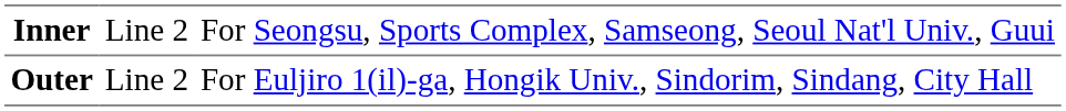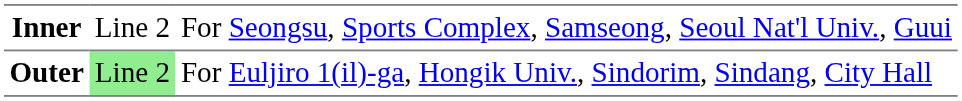 <table border="1" cellspacing="0" cellpadding="3" frame="hsides" rules="rows">
 <tr>
 <th>Inner</th>
 <td>Line 2</td>
 <td>For <a href='#'>Seongsu</a>, <a href='#'>Sports Complex</a>, <a href='#'>Samseong</a>, <a href='#'>Seoul Nat'l Univ.</a>, <a href='#'>Guui</a></td>
 </tr>
 <tr>
 <th>Outer</th>
-<td>Line 2</td>
+<td style="background: lightgreen;">Line 2</td>
 <td>For <a href='#'>Euljiro 1(il)-ga</a>, <a href='#'>Hongik Univ.</a>, <a href='#'>Sindorim</a>, <a href='#'>Sindang</a>, <a href='#'>City Hall</a></td>
 </tr>
 </table>
